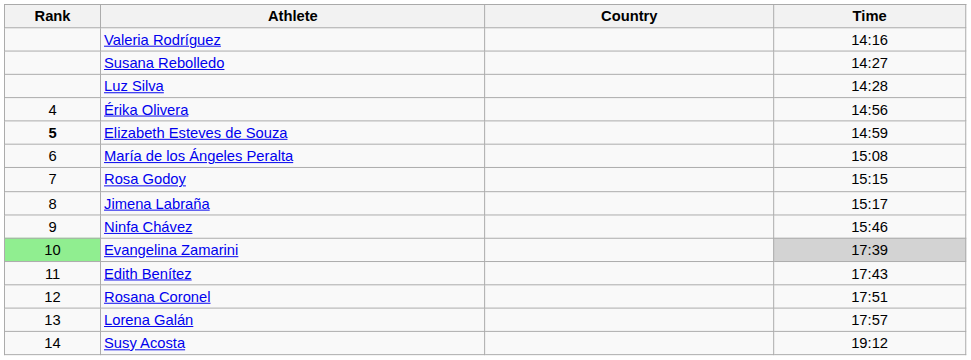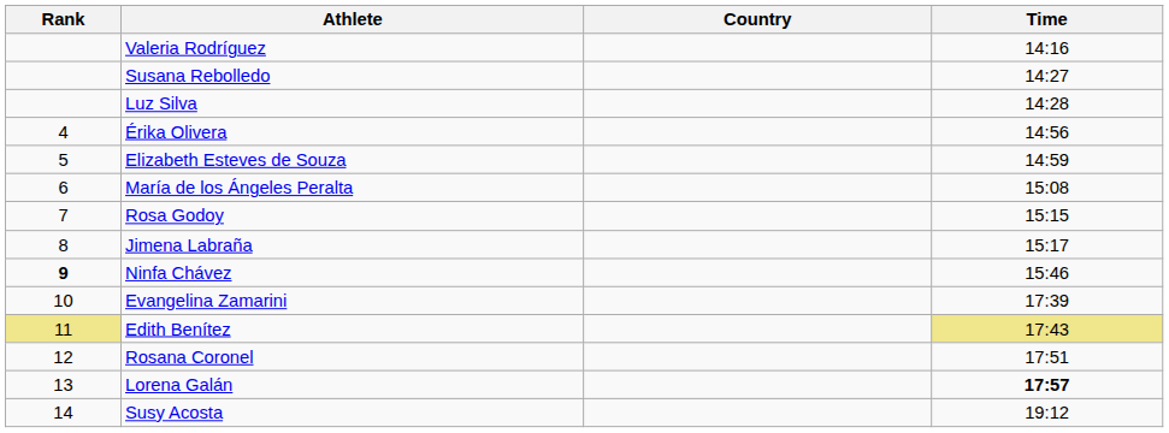 <table class="wikitable sortable" style=" text-align:center; font-size:95%;" width="50%">
 <tr>
 </tr>
 <tr>
 <th width=5%>Rank</th>
 <th width=20%>Athlete</th>
 <th width=15%>Country</th>
 <th width=10%>Time</th>
 </tr>
 <tr>
 <td align=center></td>
 <td align=left><a href='#'>Valeria Rodríguez</a></td>
 <td align=left></td>
 <td>14:16</td>
 </tr>
 <tr>
 <td align=center></td>
 <td align=left><a href='#'>Susana Rebolledo</a></td>
 <td align=left></td>
 <td>14:27</td>
 </tr>
 <tr>
 <td align=center></td>
 <td align=left><a href='#'>Luz Silva</a></td>
 <td align=left></td>
 <td>14:28</td>
 </tr>
 <tr>
 <td align=center>4</td>
 <td align=left><a href='#'>Érika Olivera</a></td>
 <td align=left></td>
 <td>14:56</td>
 </tr>
 <tr>
-<td align=center><strong>5</strong></td>
+<td align=center>5</td>
 <td align=left><a href='#'>Elizabeth Esteves de Souza</a></td>
 <td align=left></td>
 <td>14:59</td>
 </tr>
 <tr>
 <td align=center>6</td>
 <td align=left><a href='#'>María de los Ángeles Peralta</a></td>
 <td align=left></td>
 <td>15:08</td>
 </tr>
 <tr>
 <td align=center>7</td>
 <td align=left><a href='#'>Rosa Godoy</a></td>
 <td align=left></td>
 <td>15:15</td>
 </tr>
 <tr>
 <td align=center>8</td>
 <td align=left><a href='#'>Jimena Labraña</a></td>
 <td align=left></td>
 <td>15:17</td>
 </tr>
 <tr>
-<td align=center>9</td>
+<td align=center><strong>9</strong></td>
 <td align=left><a href='#'>Ninfa Chávez</a></td>
 <td align=left></td>
 <td>15:46</td>
 </tr>
 <tr>
-<td align=center style="background: lightgreen;">10</td>
+<td align=center>10</td>
 <td align=left><a href='#'>Evangelina Zamarini</a></td>
 <td align=left></td>
-<td style="background: lightgrey;">17:39</td>
+<td>17:39</td>
 </tr>
 <tr>
-<td align=center>11</td>
+<td align=center style="background: khaki;">11</td>
 <td align=left><a href='#'>Edith Benítez</a></td>
 <td align=left></td>
-<td>17:43</td>
+<td style="background: khaki;">17:43</td>
 </tr>
 <tr>
 <td align=center>12</td>
 <td align=left><a href='#'>Rosana Coronel</a></td>
 <td align=left></td>
 <td>17:51</td>
 </tr>
 <tr>
 <td align=center>13</td>
 <td align=left><a href='#'>Lorena Galán</a></td>
 <td align=left></td>
-<td>17:57</td>
+<td><strong>17:57</strong></td>
 </tr>
 <tr>
 <td align=center>14</td>
 <td align=left><a href='#'>Susy Acosta</a></td>
 <td align=left></td>
 <td>19:12</td>
 </tr>
 </table>
